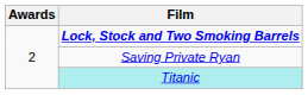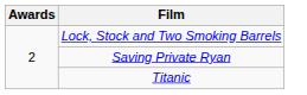 <table class="wikitable" style="text-align: center;">
 <tr>
 <th scope="col" width="55">Awards</th>
 <th scope="col">Film</th>
 </tr>
 <tr>
 <td rowspan=3>2</td>
-<td><strong><em><a href='#'>Lock, Stock and Two Smoking Barrels</a></em></strong></td>
+<td><em><a href='#'>Lock, Stock and Two Smoking Barrels</a></em></td>
 </tr>
 <tr>
 <td><em><a href='#'>Saving Private Ryan</a></em></td>
 </tr>
 <tr>
-<td style="background: paleturquoise;"><em><a href='#'>Titanic</a></em></td>
+<td><em><a href='#'>Titanic</a></em></td>
 </tr>
 </table>
